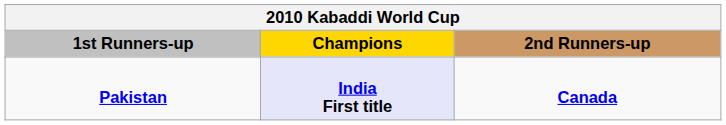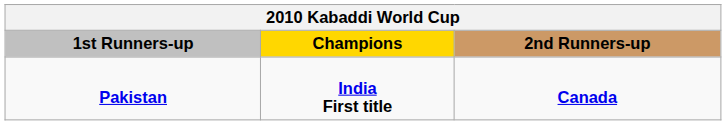 <table class="wikitable" width=55%; style="text-align:center;margin:1em auto;">
 <tr>
 <th colspan="3">2010 Kabaddi World Cup</th>
 </tr>
 <tr>
 <td style="background:silver;"><strong>1st Runners-up</strong></td>
 <td style="background:gold;"><strong>Champions</strong></td>
 <td style="background:#c96;"><strong>2nd Runners-up</strong></td>
 </tr>
 <tr>
 <td><br><strong><a href='#'>Pakistan</a></strong></td>
-<td style="background: lavender;"><br><strong><a href='#'>India</a></strong><br> <strong>First title</strong></td>
+<td><br><strong><a href='#'>India</a></strong><br> <strong>First title</strong></td>
 <td><br><strong><a href='#'>Canada</a></strong></td>
 </tr>
 </table>
